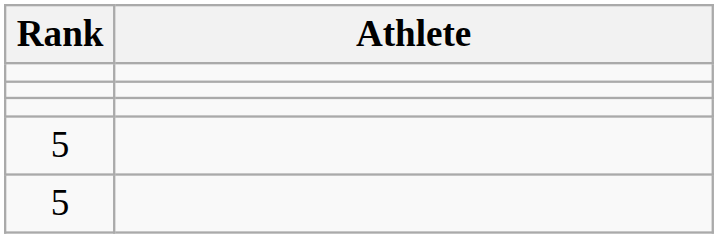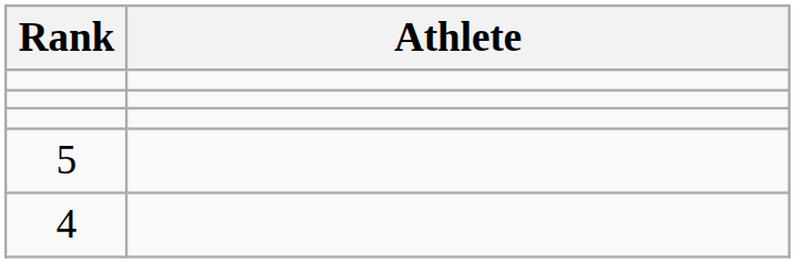 <table class="wikitable" style="text-align: center;">
 <tr>
 <th width=40>Rank</th>
 <th width=250>Athlete</th>
 </tr>
 <tr>
 <td></td>
 <td align="left"></td>
 </tr>
 <tr>
 <td></td>
 <td align="left"></td>
 </tr>
 <tr>
 <td></td>
 <td align="left"></td>
 </tr>
 <tr>
 <td>5</td>
 <td align="left"></td>
 </tr>
 <tr>
-<td>5</td>
+<td>4</td>
 <td align="left"></td>
 </tr>
 </table>
